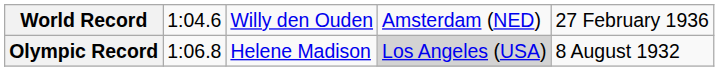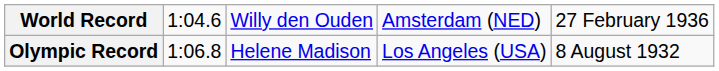 <table class="wikitable" style="font-size:95%;">
 <tr>
 <th>World Record</th>
 <td>1:04.6</td>
 <td> <a href='#'>Willy den Ouden</a></td>
 <td><a href='#'>Amsterdam</a> (<a href='#'>NED</a>)</td>
 <td>27 February 1936</td>
 </tr>
 <tr>
 <th>Olympic Record</th>
 <td>1:06.8</td>
 <td> <a href='#'>Helene Madison</a></td>
-<td style="background: lightgrey;"><a href='#'>Los Angeles</a> (<a href='#'>USA</a>)</td>
+<td><a href='#'>Los Angeles</a> (<a href='#'>USA</a>)</td>
 <td>8 August 1932</td>
 </tr>
 </table>
